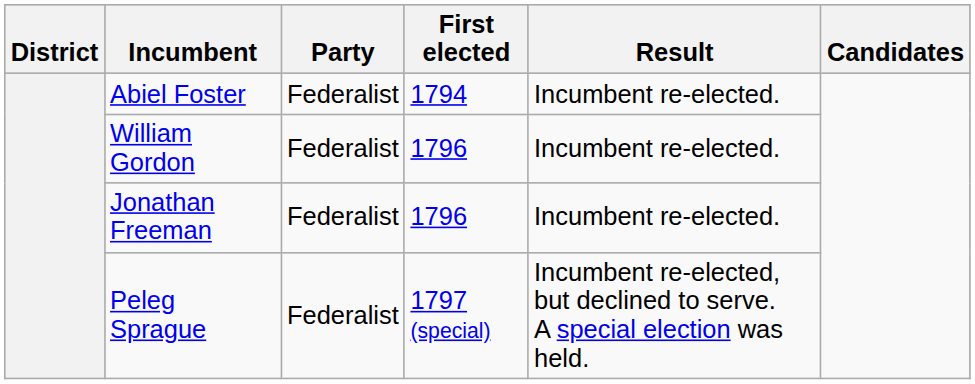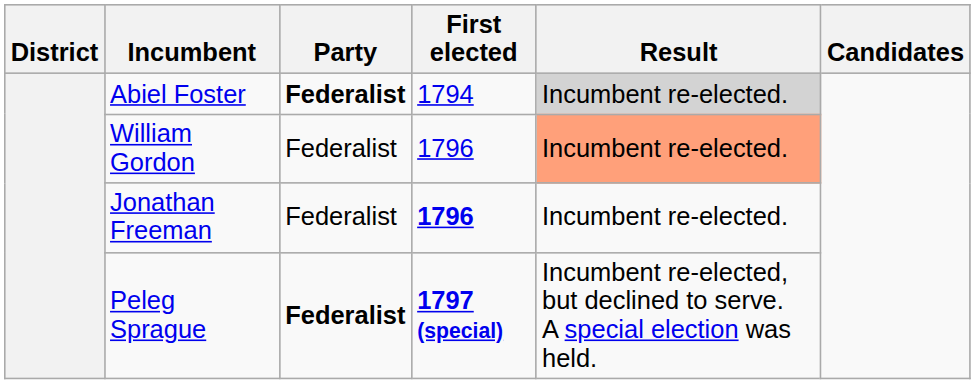 <table class=wikitable>
 <tr valign=bottom>
 <th>District</th>
 <th>Incumbent</th>
 <th>Party</th>
 <th>First<br>elected</th>
 <th>Result</th>
 <th>Candidates</th>
 </tr>
 <tr>
 <th rowspan=4><br></th>
 <td><a href='#'>Abiel Foster</a></td>
-<td>Federalist</td>
+<td><strong>Federalist</strong></td>
 <td><a href='#'>1794</a></td>
-<td>Incumbent re-elected.</td>
+<td style="background: lightgrey;">Incumbent re-elected.</td>
 <td nowrap rowspan=4></td>
 </tr>
 <tr>
 <td><a href='#'>William Gordon</a></td>
 <td>Federalist</td>
 <td><a href='#'>1796</a></td>
-<td>Incumbent re-elected.</td>
+<td style="background: lightsalmon;">Incumbent re-elected.</td>
 </tr>
 <tr>
 <td><a href='#'>Jonathan Freeman</a></td>
 <td>Federalist</td>
-<td><a href='#'>1796</a></td>
+<td><strong><a href='#'>1796</a></strong></td>
 <td>Incumbent re-elected.</td>
 </tr>
 <tr>
 <td><a href='#'>Peleg Sprague</a></td>
-<td>Federalist</td>
-<td><a href='#'>1797 <small>(special)</small></a></td>
+<td><strong>Federalist</strong></td>
+<td><strong><a href='#'>1797 <small>(special)</small></a></strong></td>
 <td>Incumbent re-elected, but declined to serve.<br>A <a href='#'>special election</a> was held.</td>
 </tr>
 </table>
